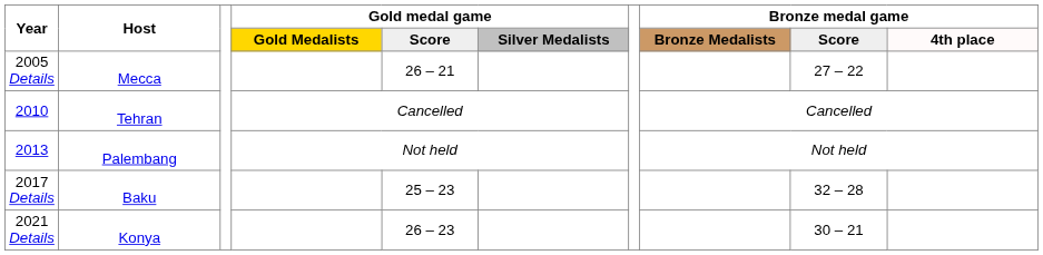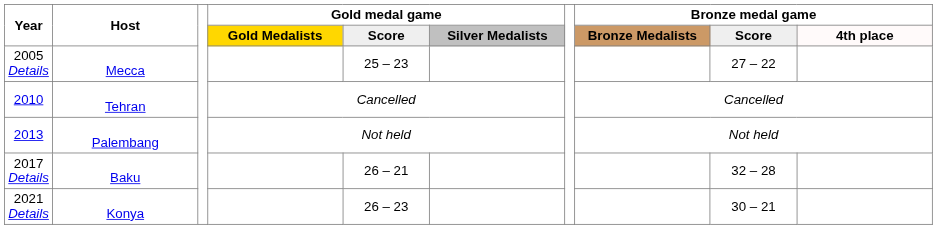 <table border=1 style="border-collapse:collapse; font-size:100%; text-align:center;" cellpadding=3 cellspacing=0>
 <tr>
 <th rowspan=2 width=5%>Year</th>
 <th rowspan=2 width=15%>Host</th>
 <th width=1% rowspan=7 bgcolor=ffffff></th>
 <th colspan=3>Gold medal game</th>
 <th width=1% rowspan=7 bgcolor=ffffff></th>
 <th colspan=3>Bronze medal game</th>
 </tr>
 <tr bgcolor=#efefef>
 <th width=14% bgcolor=#ffd700>Gold Medalists</th>
 <th width=9%>Score</th>
 <th width=14% bgcolor=#c0c0c0>Silver Medalists</th>
 <th width=14% bgcolor=#cc9966>Bronze Medalists</th>
 <th width=9%>Score</th>
 <th width=14% bgcolor=#fffafa>4th place</th>
 </tr>
 <tr>
 <td>2005<br><em><a href='#'>Details</a></em></td>
 <td><br><a href='#'>Mecca</a></td>
 <td><strong></strong></td>
-<td>26 – 21</td>
+<td>25 – 23</td>
 <td></td>
 <td></td>
 <td>27 – 22</td>
 <td></td>
 </tr>
 <tr>
 <td><a href='#'>2010</a></td>
 <td><br><a href='#'>Tehran</a></td>
 <td colspan=3><em>Cancelled</em></td>
 <td colspan=3><em>Cancelled</em></td>
 </tr>
 <tr>
 <td><a href='#'>2013</a></td>
 <td><br><a href='#'>Palembang</a></td>
 <td colspan=3><em>Not held</em></td>
 <td colspan=3><em>Not held</em></td>
 </tr>
 <tr>
 <td>2017<br><em><a href='#'>Details</a></em></td>
 <td><br><a href='#'>Baku</a></td>
 <td><strong></strong></td>
-<td>25 – 23</td>
+<td>26 – 21</td>
 <td></td>
 <td></td>
 <td>32 – 28</td>
 <td></td>
 </tr>
 <tr>
 <td>2021<br><em><a href='#'>Details</a></em></td>
 <td><br><a href='#'>Konya</a></td>
 <td><strong></strong></td>
 <td>26 – 23</td>
 <td></td>
 <td></td>
 <td>30 – 21</td>
 <td></td>
 </tr>
 </table>
